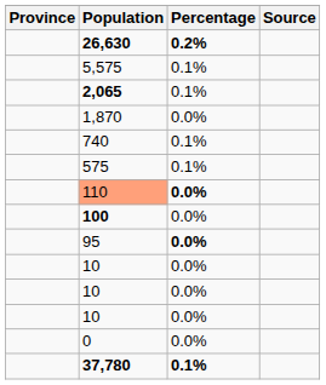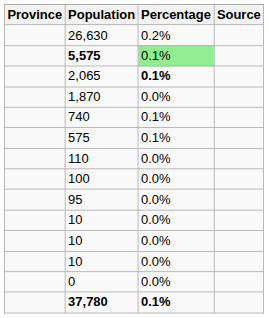 <table class="wikitable sortable">
 <tr>
 </tr>
 <tr>
 <th>Province</th>
 <th>Population</th>
 <th>Percentage</th>
 <th>Source</th>
 </tr>
 <tr>
 <td></td>
-<td><strong>26,630</strong></td>
-<td><strong>0.2%</strong></td>
+<td>26,630</td>
+<td>0.2%</td>
 <td></td>
 </tr>
 <tr>
 <td></td>
-<td>5,575</td>
-<td>0.1%</td>
+<td><strong>5,575</strong></td>
+<td style="background: lightgreen;">0.1%</td>
 <td></td>
 </tr>
 <tr>
 <td></td>
-<td><strong>2,065</strong></td>
-<td>0.1%</td>
+<td>2,065</td>
+<td><strong>0.1%</strong></td>
 <td></td>
 </tr>
 <tr>
 <td></td>
 <td>1,870</td>
 <td>0.0%</td>
 <td></td>
 </tr>
 <tr>
 <td></td>
 <td>740</td>
 <td>0.1%</td>
 <td></td>
 </tr>
 <tr>
 <td></td>
 <td>575</td>
 <td>0.1%</td>
 <td></td>
 </tr>
 <tr>
 <td></td>
-<td style="background: lightsalmon;">110</td>
-<td><strong>0.0%</strong></td>
+<td>110</td>
+<td>0.0%</td>
 <td></td>
 </tr>
 <tr>
 <td></td>
-<td><strong>100</strong></td>
+<td>100</td>
 <td>0.0%</td>
 <td></td>
 </tr>
 <tr>
 <td></td>
 <td>95</td>
-<td><strong>0.0%</strong></td>
+<td>0.0%</td>
 <td></td>
 </tr>
 <tr>
 <td></td>
 <td>10</td>
 <td>0.0%</td>
 <td></td>
 </tr>
 <tr>
 <td></td>
 <td>10</td>
 <td>0.0%</td>
 <td></td>
 </tr>
 <tr>
 <td></td>
 <td>10</td>
 <td>0.0%</td>
 <td></td>
 </tr>
 <tr>
 <td></td>
 <td>0</td>
 <td>0.0%</td>
 <td></td>
 </tr>
 <tr>
 <td></td>
 <td><strong>37,780</strong></td>
 <td><strong>0.1%</strong></td>
 <td></td>
 </tr>
 </table>
